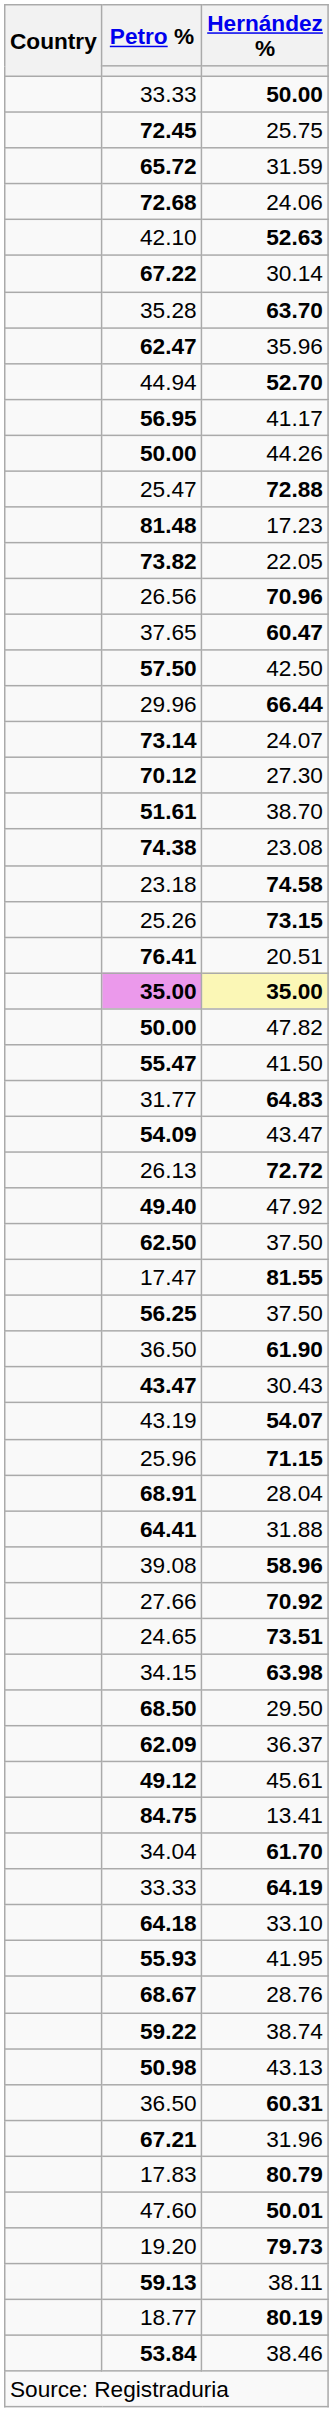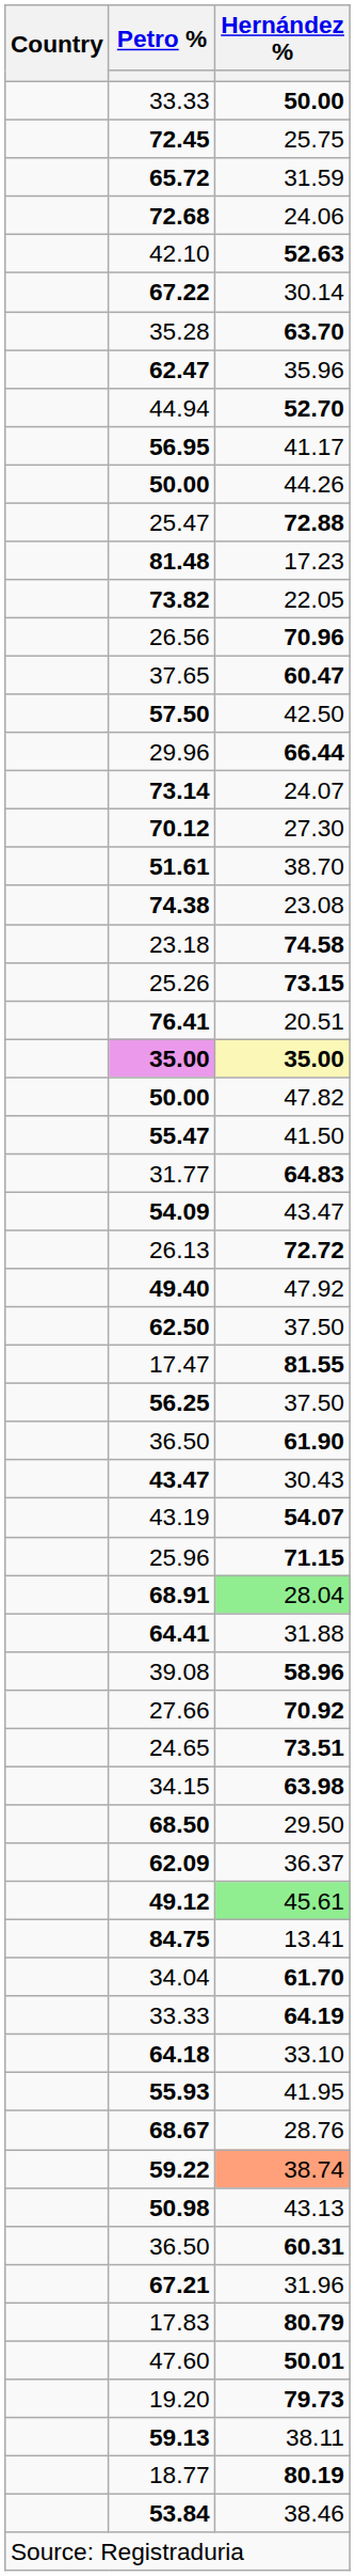 <table class="wikitable sortable" style="text-align:right; font-size:95%">
 <tr>
 <th rowspan=2>Country</th>
 <th width=60px><a href='#'>Petro</a> %</th>
 <th width=60px><a href='#'>Hernández</a> %</th>
 </tr>
 <tr>
 <th style="background:"></th>
 <th style="background:"></th>
 </tr>
 <tr>
 <td style="text-align:left;"></td>
 <td>33.33</td>
 <td style="background:"><strong>50.00</strong></td>
 </tr>
 <tr>
 <td style="text-align:left;"></td>
 <td style="background:"><strong>72.45</strong></td>
 <td>25.75</td>
 </tr>
 <tr>
 <td style="text-align:left;"></td>
 <td style="background:"><strong>65.72</strong></td>
 <td>31.59</td>
 </tr>
 <tr>
 <td style="text-align:left;"></td>
 <td style="background:"><strong>72.68</strong></td>
 <td>24.06</td>
 </tr>
 <tr>
 <td style="text-align:left;"></td>
 <td>42.10</td>
 <td style="background:"><strong>52.63</strong></td>
 </tr>
 <tr>
 <td style="text-align:left;"></td>
 <td style="background:"><strong>67.22</strong></td>
 <td>30.14</td>
 </tr>
 <tr>
 <td style="text-align:left;"></td>
 <td>35.28</td>
 <td style="background:"><strong>63.70</strong></td>
 </tr>
 <tr>
 <td style="text-align:left;"></td>
 <td style="background:"><strong>62.47</strong></td>
 <td>35.96</td>
 </tr>
 <tr>
 <td style="text-align:left;"></td>
 <td>44.94</td>
 <td style="background:"><strong>52.70</strong></td>
 </tr>
 <tr>
 <td style="text-align:left;"></td>
 <td style="background:"><strong>56.95</strong></td>
 <td>41.17</td>
 </tr>
 <tr>
 <td style="text-align:left;"></td>
 <td style="background:"><strong>50.00</strong></td>
 <td>44.26</td>
 </tr>
 <tr>
 <td style="text-align:left;"></td>
 <td>25.47</td>
 <td style="background:"><strong>72.88</strong></td>
 </tr>
 <tr>
 <td style="text-align:left;"></td>
 <td style="background:"><strong>81.48</strong></td>
 <td>17.23</td>
 </tr>
 <tr>
 <td style="text-align:left;"></td>
 <td style="background:"><strong>73.82</strong></td>
 <td>22.05</td>
 </tr>
 <tr>
 <td style="text-align:left;"></td>
 <td>26.56</td>
 <td style="background:"><strong>70.96</strong></td>
 </tr>
 <tr>
 <td style="text-align:left;"></td>
 <td>37.65</td>
 <td style="background:"><strong>60.47</strong></td>
 </tr>
 <tr>
 <td style="text-align:left;"></td>
 <td style="background:"><strong>57.50</strong></td>
 <td>42.50</td>
 </tr>
 <tr>
 <td style="text-align:left;"></td>
 <td>29.96</td>
 <td style="background:"><strong>66.44</strong></td>
 </tr>
 <tr>
 <td align="left"></td>
 <td style="background:"><strong>73.14</strong></td>
 <td>24.07</td>
 </tr>
 <tr>
 <td align="left"></td>
 <td style="background:"><strong>70.12</strong></td>
 <td>27.30</td>
 </tr>
 <tr>
 <td style="text-align:left;"></td>
 <td style="background:"><strong>51.61</strong></td>
 <td>38.70</td>
 </tr>
 <tr>
 <td style="text-align:left;"></td>
 <td style="background:"><strong>74.38</strong></td>
 <td>23.08</td>
 </tr>
 <tr>
 <td style="text-align:left;"></td>
 <td>23.18</td>
 <td style="background:"><strong>74.58</strong></td>
 </tr>
 <tr>
 <td style="text-align:left;"></td>
 <td>25.26</td>
 <td style="background:"><strong>73.15</strong></td>
 </tr>
 <tr>
 <td style="text-align:left;"></td>
 <td style="background:"><strong>76.41</strong></td>
 <td>20.51</td>
 </tr>
 <tr>
 <td style="text-align:left;"></td>
 <td style="background:#eb99eb;"><strong>35.00</strong></td>
 <td style="background:#fbf7b6;"><strong>35.00</strong></td>
 </tr>
 <tr>
 <td style="text-align:left;"></td>
 <td style="background:"><strong>50.00</strong></td>
 <td>47.82</td>
 </tr>
 <tr>
 <td style="text-align:left;"></td>
 <td style="background:"><strong>55.47</strong></td>
 <td>41.50</td>
 </tr>
 <tr>
 <td style="text-align:left;"></td>
 <td>31.77</td>
 <td style="background:"><strong>64.83</strong></td>
 </tr>
 <tr>
 <td style="text-align:left;"></td>
 <td style="background:"><strong>54.09</strong></td>
 <td>43.47</td>
 </tr>
 <tr>
 <td style="text-align:left;"></td>
 <td>26.13</td>
 <td style="background:"><strong>72.72</strong></td>
 </tr>
 <tr>
 <td style="text-align:left;"></td>
 <td style="background:"><strong>49.40</strong></td>
 <td>47.92</td>
 </tr>
 <tr>
 <td style="text-align:left;"></td>
 <td style="background:"><strong>62.50</strong></td>
 <td>37.50</td>
 </tr>
 <tr>
 <td style="text-align:left;"></td>
 <td>17.47</td>
 <td style="background:"><strong>81.55</strong></td>
 </tr>
 <tr>
 <td style="text-align:left;"></td>
 <td style="background:"><strong>56.25</strong></td>
 <td>37.50</td>
 </tr>
 <tr>
 <td style="text-align:left;"></td>
 <td>36.50</td>
 <td style="background:"><strong>61.90</strong></td>
 </tr>
 <tr>
 <td style="text-align:left;"></td>
 <td style="background:"><strong>43.47</strong></td>
 <td>30.43</td>
 </tr>
 <tr>
 <td style="text-align:left;"></td>
 <td>43.19</td>
 <td style="background:"><strong>54.07</strong></td>
 </tr>
 <tr>
 <td style="text-align:left;"></td>
 <td>25.96</td>
 <td style="background:"><strong>71.15</strong></td>
 </tr>
 <tr>
 <td style="text-align:left;"></td>
 <td style="background:"><strong>68.91</strong></td>
-<td>28.04</td>
+<td style="background: lightgreen;">28.04</td>
 </tr>
 <tr>
 <td style="text-align:left;"></td>
 <td style="background:"><strong>64.41</strong></td>
 <td>31.88</td>
 </tr>
 <tr>
 <td style="text-align:left;"></td>
 <td>39.08</td>
 <td style="background:"><strong>58.96</strong></td>
 </tr>
 <tr>
 <td style="text-align:left;"></td>
 <td>27.66</td>
 <td style="background:"><strong>70.92</strong></td>
 </tr>
 <tr>
 <td style="text-align:left;"></td>
 <td>24.65</td>
 <td style="background:"><strong>73.51</strong></td>
 </tr>
 <tr>
 <td style="text-align:left;"></td>
 <td>34.15</td>
 <td style="background:"><strong>63.98</strong></td>
 </tr>
 <tr>
 <td style="text-align:left;"></td>
 <td style="background:"><strong>68.50</strong></td>
 <td>29.50</td>
 </tr>
 <tr>
 <td style="text-align:left;"></td>
 <td style="background:"><strong>62.09</strong></td>
 <td>36.37</td>
 </tr>
 <tr>
 <td style="text-align:left;"></td>
 <td style="background:"><strong>49.12</strong></td>
-<td>45.61</td>
+<td style="background: lightgreen;">45.61</td>
 </tr>
 <tr>
 <td style="text-align:left;"></td>
 <td style="background:"><strong>84.75</strong></td>
 <td>13.41</td>
 </tr>
 <tr>
 <td style="text-align:left;"></td>
 <td>34.04</td>
 <td style="background:"><strong>61.70</strong></td>
 </tr>
 <tr>
 <td style="text-align:left;"></td>
 <td>33.33</td>
 <td style="background:"><strong>64.19</strong></td>
 </tr>
 <tr>
 <td style="text-align:left;"></td>
 <td style="background:"><strong>64.18</strong></td>
 <td>33.10</td>
 </tr>
 <tr>
 <td style="text-align:left;"></td>
 <td style="background:"><strong>55.93</strong></td>
 <td>41.95</td>
 </tr>
 <tr>
 <td style="text-align:left;"></td>
 <td style="background:"><strong>68.67</strong></td>
 <td>28.76</td>
 </tr>
 <tr>
 <td style="text-align:left;"></td>
 <td style="background:"><strong>59.22</strong></td>
-<td>38.74</td>
+<td style="background: lightsalmon;">38.74</td>
 </tr>
 <tr>
 <td style="text-align:left;"></td>
 <td style="background:"><strong>50.98</strong></td>
 <td>43.13</td>
 </tr>
 <tr>
 <td style="text-align:left;"></td>
 <td>36.50</td>
 <td style="background:"><strong>60.31</strong></td>
 </tr>
 <tr>
 <td style="text-align:left;"></td>
 <td style="background:"><strong>67.21</strong></td>
 <td>31.96</td>
 </tr>
 <tr>
 <td style="text-align:left;"></td>
 <td>17.83</td>
 <td style="background:"><strong>80.79</strong></td>
 </tr>
 <tr>
 <td style="text-align:left;"></td>
 <td>47.60</td>
 <td style="background:"><strong>50.01</strong></td>
 </tr>
 <tr>
 <td align="left"></td>
 <td>19.20</td>
 <td style="background:"><strong>79.73</strong></td>
 </tr>
 <tr>
 <td style="text-align:left;"></td>
 <td style="background:"><strong>59.13</strong></td>
 <td>38.11</td>
 </tr>
 <tr>
 <td style="text-align:left;"></td>
 <td>18.77</td>
 <td style="background:"><strong>80.19</strong></td>
 </tr>
 <tr>
 <td style="text-align:left;"></td>
 <td style="background:"><strong>53.84</strong></td>
 <td>38.46</td>
 </tr>
 <tr>
 <td colspan="9" style="text-align:left;">Source: Registraduria</td>
 </tr>
 </table>
